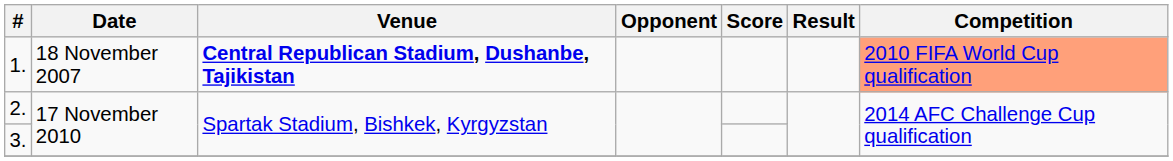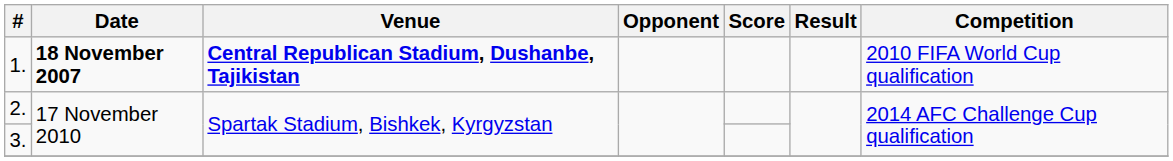 <table class="wikitable" style="font-size:95%;">
 <tr>
 <th>#</th>
 <th>Date</th>
 <th>Venue</th>
 <th>Opponent</th>
 <th>Score</th>
 <th>Result</th>
 <th>Competition</th>
 </tr>
 <tr>
 <td>1.</td>
-<td>18 November 2007</td>
+<td><strong>18 November 2007</strong></td>
 <td><strong><a href='#'>Central Republican Stadium</a>, <a href='#'>Dushanbe</a>, <a href='#'>Tajikistan</a></strong></td>
 <td></td>
 <td></td>
 <td></td>
-<td style="background: lightsalmon;"><a href='#'>2010 FIFA World Cup qualification</a></td>
+<td><a href='#'>2010 FIFA World Cup qualification</a></td>
 </tr>
 <tr>
 <td>2.</td>
 <td rowspan="2">17 November 2010</td>
 <td rowspan="2"><a href='#'>Spartak Stadium</a>, <a href='#'>Bishkek</a>, <a href='#'>Kyrgyzstan</a></td>
 <td rowspan="2"></td>
 <td></td>
 <td rowspan="2"></td>
 <td rowspan="2"><a href='#'>2014 AFC Challenge Cup qualification</a></td>
 </tr>
 <tr>
 <td>3.</td>
 <td></td>
 </tr>
 <tr>
 </tr>
 </table>
